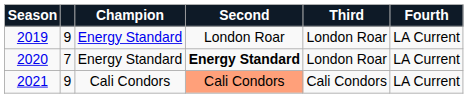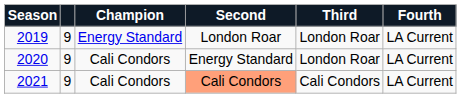 <table class = "wikitable">
 <tr>
 <th style='background:#0E1A27; color:white;'>Season</th>
 <th style='background:#0E1A27; color:white;'></th>
 <th style='background:#0E1A27; color:white;'>Champion</th>
 <th style='background:#0E1A27; color:white;'>Second</th>
 <th style='background:#0E1A27; color:white;'>Third</th>
 <th style='background:#0E1A27; color:white;'>Fourth</th>
 </tr>
 <tr>
 <td align=center><a href='#'>2019</a></td>
 <td align=center>9</td>
 <td align=center> <a href='#'>Energy Standard</a></td>
 <td align=center> London Roar</td>
 <td align=center> London Roar</td>
 <td align=center> LA Current</td>
 </tr>
 <tr>
 <td align=center><a href='#'>2020</a></td>
-<td align=center>7</td>
+<td align=center>9</td>
+<td align=center> Cali Condors</td>
 <td align=center> Energy Standard</td>
-<td align=center><strong> Energy Standard</strong></td>
 <td align=center> London Roar</td>
 <td align=center> LA Current</td>
 </tr>
 <tr>
 <td align=center><a href='#'>2021</a></td>
 <td align=center>9</td>
 <td align=center> Cali Condors</td>
 <td align=center style="background: lightsalmon;"> Cali Condors</td>
 <td align=center> Cali Condors</td>
 <td align=center> LA Current</td>
 </tr>
 </table>
